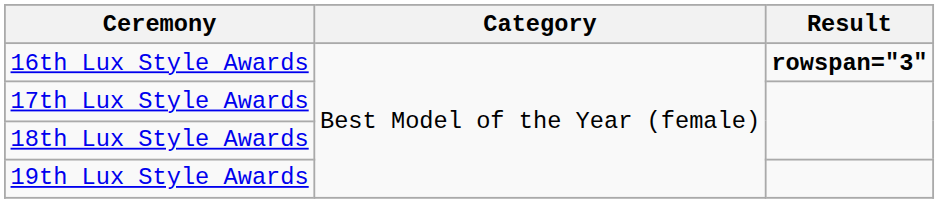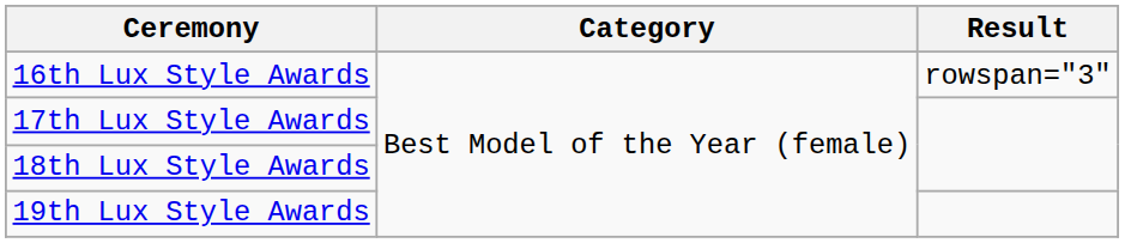 <table class="wikitable style">
 <tr>
 <th>Ceremony</th>
 <th>Category</th>
 <th>Result</th>
 </tr>
 <tr>
 <td><a href='#'>16th Lux Style Awards</a></td>
 <td rowspan="4">Best Model of the Year (female)</td>
-<td><strong>rowspan="3" </strong></td>
+<td>rowspan="3" </td>
 </tr>
 <tr>
 <td><a href='#'>17th Lux Style Awards</a></td>
 </tr>
 <tr>
 <td><a href='#'>18th Lux Style Awards</a></td>
 </tr>
 <tr>
 <td><a href='#'>19th Lux Style Awards</a></td>
 <td></td>
 </tr>
 </table>
